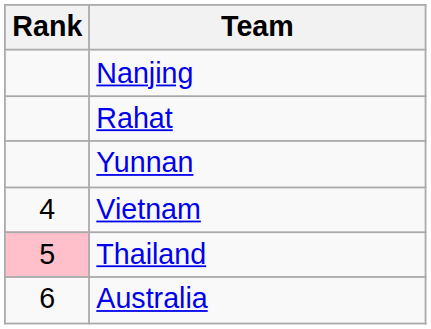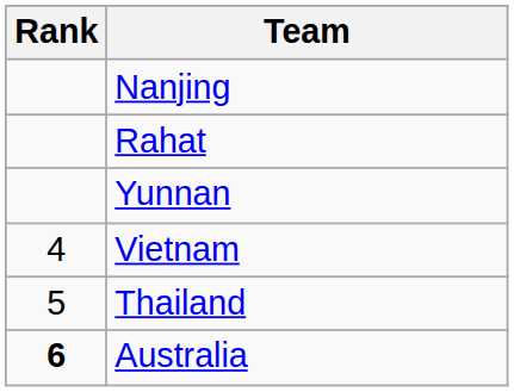 <table class="wikitable" style="text-align: center;">
 <tr>
 <th width=40>Rank</th>
 <th width=180>Team</th>
 </tr>
 <tr align=center>
 <td></td>
 <td style="text-align:left;"> <a href='#'>Nanjing</a></td>
 </tr>
 <tr align=center>
 <td></td>
 <td style="text-align:left;"> <a href='#'>Rahat</a></td>
 </tr>
 <tr align=center>
 <td></td>
 <td style="text-align:left;"> <a href='#'>Yunnan</a></td>
 </tr>
 <tr align=center>
 <td>4</td>
 <td style="text-align:left;"> <a href='#'>Vietnam</a></td>
 </tr>
 <tr align=center>
-<td style="background: pink;">5</td>
+<td>5</td>
 <td style="text-align:left;"> <a href='#'>Thailand</a></td>
 </tr>
 <tr align=center>
-<td>6</td>
+<td><strong>6</strong></td>
 <td style="text-align:left;"> <a href='#'>Australia</a></td>
 </tr>
 </table>
